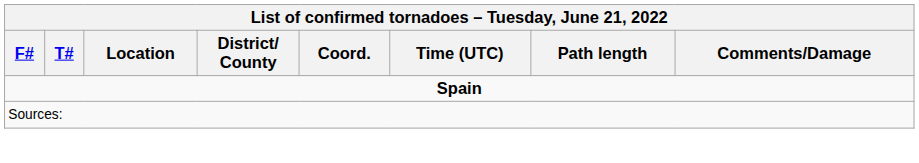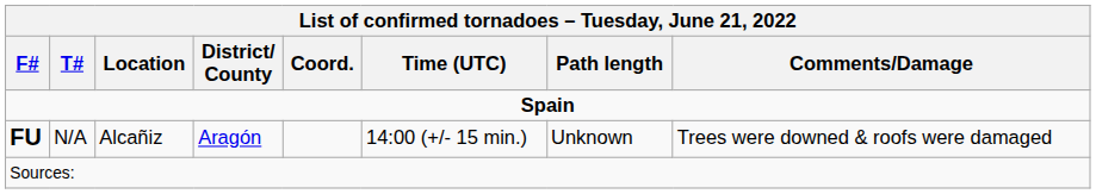 <table class="wikitable collapsible" width="100%">
 <tr>
 <th colspan="8">List of confirmed tornadoes – Tuesday, June 21, 2022</th>
 </tr>
 <tr>
 <th><a href='#'>F#</a></th>
 <th><a href='#'>T#</a></th>
 <th>Location</th>
 <th>District/<br>County</th>
 <th>Coord.</th>
 <th>Time (UTC)</th>
 <th>Path length</th>
 <th>Comments/Damage</th>
 </tr>
 <tr>
 <td colspan="8" align=center><strong>Spain</strong></td>
 </tr>
 <tr>
+<td><big><strong>FU</strong></big></td>
+<td>N/A</td>
+<td>Alcañiz</td>
+<td><a href='#'>Aragón</a></td>
+<td></td>
+<td>14:00 (+/- 15 min.)</td>
+<td>Unknown</td>
+<td>Trees were downed & roofs were damaged</td>
+</tr>
+<tr>
 <td colspan="8"><small>Sources:  </small></td>
 </tr>
 </table>
